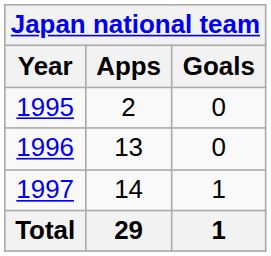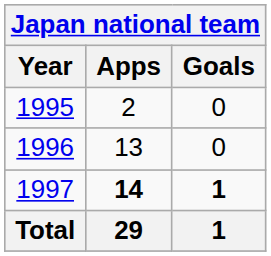 <table class="wikitable" style="text-align:center">
 <tr>
 <th colspan=3><a href='#'>Japan national team</a></th>
 </tr>
 <tr>
 <th>Year</th>
 <th>Apps</th>
 <th>Goals</th>
 </tr>
 <tr>
 <td><a href='#'>1995</a></td>
 <td>2</td>
 <td>0</td>
 </tr>
 <tr>
 <td><a href='#'>1996</a></td>
 <td>13</td>
 <td>0</td>
 </tr>
 <tr>
 <td><a href='#'>1997</a></td>
-<td>14</td>
-<td>1</td>
+<td><strong>14</strong></td>
+<td><strong>1</strong></td>
 </tr>
 <tr>
 <th>Total</th>
 <th>29</th>
 <th>1</th>
 </tr>
 </table>
